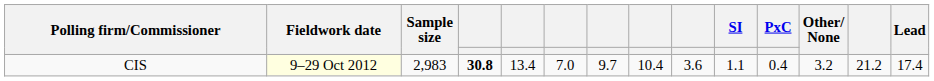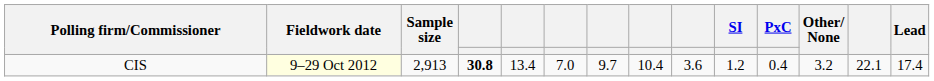 <table class="wikitable collapsible collapsed" style="text-align:center; font-size:90%; line-height:14px;">
 <tr style="height:42px;">
 <th style="width:250px;" rowspan="2">Polling firm/Commissioner</th>
 <th style="width:125px;" rowspan="2">Fieldwork date</th>
 <th style="width:50px;" rowspan="2">Sample size</th>
 <th style="width:35px;"></th>
 <th style="width:35px;"></th>
 <th style="width:35px;"></th>
 <th style="width:35px;"></th>
 <th style="width:35px;"></th>
 <th style="width:35px;"></th>
 <th style="width:35px;"><a href='#'>SI</a></th>
 <th style="width:35px;"><a href='#'>PxC</a></th>
 <th style="width:35px;" rowspan="2">Other/<br>None</th>
 <th style="width:35px;" rowspan="2"></th>
 <th style="width:30px;" rowspan="2">Lead</th>
 </tr>
 <tr>
 <th style="color:inherit;background:"></th>
 <th style="color:inherit;background:"></th>
 <th style="color:inherit;background:"></th>
 <th style="color:inherit;background:"></th>
 <th style="color:inherit;background:"></th>
 <th style="color:inherit;background:"></th>
 <th style="color:inherit;background:"></th>
 <th style="color:inherit;background:"></th>
 </tr>
 <tr>
 <td>CIS</td>
 <td style="background: lightyellow;">9–29 Oct 2012</td>
-<td>2,983</td>
+<td>2,913</td>
 <td><strong>30.8</strong></td>
 <td>13.4</td>
 <td>7.0</td>
 <td>9.7</td>
 <td>10.4</td>
 <td>3.6</td>
-<td>1.1</td>
+<td>1.2</td>
 <td>0.4</td>
 <td>3.2</td>
-<td>21.2</td>
+<td>22.1</td>
 <td style="background:">17.4</td>
 </tr>
 </table>
